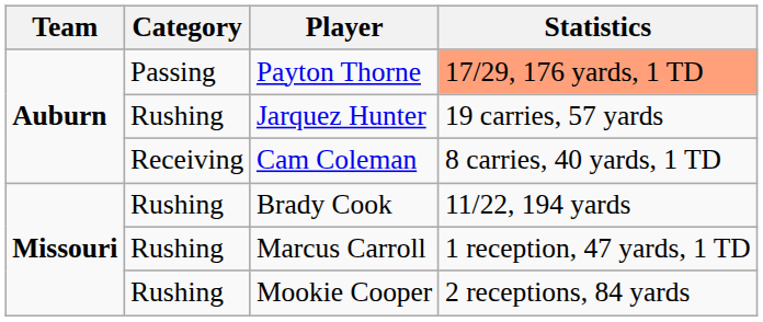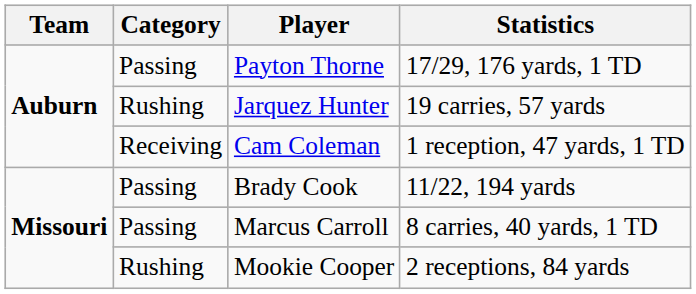 <table class="wikitable" style="float: right;">
 <tr>
 <th>Team</th>
 <th>Category</th>
 <th>Player</th>
 <th>Statistics</th>
 </tr>
 <tr>
 <td rowspan=3><strong>Auburn</strong></td>
 <td>Passing</td>
 <td><a href='#'>Payton Thorne</a></td>
-<td style="background: lightsalmon;">17/29, 176 yards, 1 TD</td>
+<td>17/29, 176 yards, 1 TD</td>
 </tr>
 <tr>
 <td>Rushing</td>
 <td><a href='#'>Jarquez Hunter</a></td>
 <td>19 carries, 57 yards</td>
 </tr>
 <tr>
 <td>Receiving</td>
 <td><a href='#'>Cam Coleman</a></td>
-<td>8 carries, 40 yards, 1 TD</td>
+<td>1 reception, 47 yards, 1 TD</td>
 </tr>
 <tr>
 <td rowspan=3><strong>Missouri</strong></td>
-<td>Rushing</td>
+<td>Passing</td>
 <td>Brady Cook</td>
 <td>11/22, 194 yards</td>
 </tr>
 <tr>
-<td>Rushing</td>
+<td>Passing</td>
 <td>Marcus Carroll</td>
-<td>1 reception, 47 yards, 1 TD</td>
+<td>8 carries, 40 yards, 1 TD</td>
 </tr>
 <tr>
 <td>Rushing</td>
 <td>Mookie Cooper</td>
 <td>2 receptions, 84 yards</td>
 </tr>
 </table>
